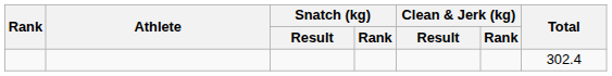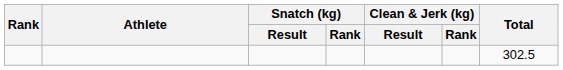 <table class = "wikitable" style="text-align:center;">
 <tr>
 <th rowspan=2 width=40>Rank</th>
 <th rowspan=2 width=250>Athlete</th>
 <th colspan=2>Snatch (kg)</th>
 <th colspan=2>Clean & Jerk (kg)</th>
 <th rowspan=2 width=90>Total</th>
 </tr>
 <tr>
 <th width=90>Result</th>
 <th width=40>Rank</th>
 <th width=90>Result</th>
 <th width=40>Rank</th>
 </tr>
 <tr>
 <td></td>
 <td align=left></td>
 <td></td>
 <td></td>
 <td></td>
 <td></td>
-<td>302.4</td>
+<td>302.5</td>
 </tr>
 </table>
